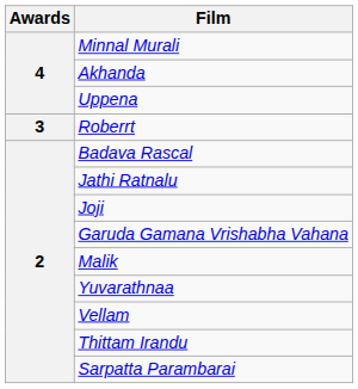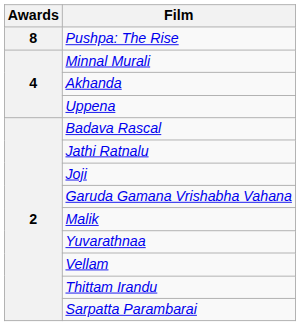 <table class="wikitable" style="display:inline-table;">
 <tr>
 <th>Awards</th>
 <th>Film</th>
+</tr>
+<tr>
+<th>8</th>
+<td><em><a href='#'>Pushpa: The Rise</a></em></td>
 </tr>
 <tr>
 <th rowspan="3">4</th>
 <td><em><a href='#'>Minnal Murali</a></em></td>
 </tr>
 <tr>
 <td><em><a href='#'>Akhanda</a></em></td>
 </tr>
 <tr>
 <td><em><a href='#'>Uppena</a></em></td>
-</tr>
-<tr>
-<th>3</th>
-<td><em><a href='#'>Roberrt</a></em></td>
 </tr>
 <tr>
 <th rowspan="9">2</th>
 <td><em><a href='#'>Badava Rascal</a></em></td>
 </tr>
 <tr>
 <td><em><a href='#'>Jathi Ratnalu</a></em></td>
 </tr>
 <tr>
 <td><a href='#'><em>Joji</em></a></td>
 </tr>
 <tr>
 <td><em><a href='#'>Garuda Gamana Vrishabha Vahana</a></em></td>
 </tr>
 <tr>
 <td><em><a href='#'>Malik</a></em></td>
 </tr>
 <tr>
 <td><em><a href='#'>Yuvarathnaa</a></em></td>
 </tr>
 <tr>
 <td><em><a href='#'>Vellam</a></em></td>
 </tr>
 <tr>
 <td><em><a href='#'>Thittam Irandu</a></em></td>
 </tr>
 <tr>
 <td><em><a href='#'>Sarpatta Parambarai</a></em></td>
 </tr>
 </table>
